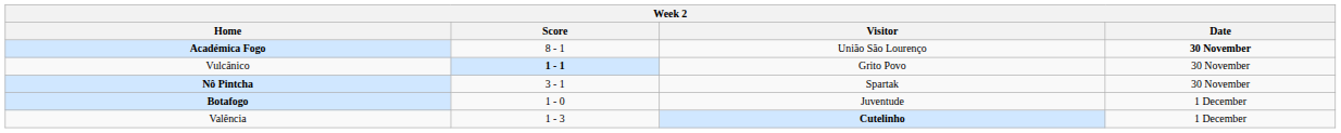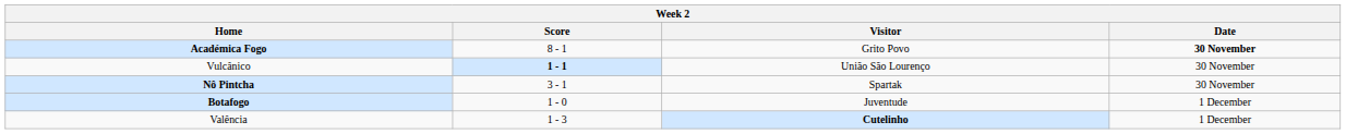 <table class="wikitable" style="margin:1em auto; font-size:95%; text-align: center; width: 95%;">
 <tr>
 <th colspan="12"  style="with:100%; text-align:center;">Week 2</th>
 </tr>
 <tr>
 <th style="width:200px;">Home</th>
 <th width="90">Score</th>
 <th style="width:200px;">Visitor</th>
 <th style="width:100px;">Date</th>
 </tr>
 <tr align=center>
 <td style="background:#d0e7ff;"><strong>Académica Fogo</strong></td>
 <td>8 - 1</td>
-<td>União São Lourenço</td>
+<td>Grito Povo</td>
 <td><strong>30 November</strong></td>
 </tr>
 <tr align=center>
 <td>Vulcânico</td>
 <td style="background:#d0e7ff;"><strong>1 - 1</strong></td>
-<td>Grito Povo</td>
+<td>União São Lourenço</td>
 <td>30 November</td>
 </tr>
 <tr align=center>
 <td style="background:#d0e7ff;"><strong>Nô Pintcha</strong></td>
 <td>3 - 1</td>
 <td>Spartak</td>
 <td>30 November</td>
 </tr>
 <tr align=center>
 <td style="background:#d0e7ff;"><strong>Botafogo</strong></td>
 <td>1 - 0</td>
 <td>Juventude</td>
 <td>1 December</td>
 </tr>
 <tr align=center>
 <td>Valência</td>
 <td>1 - 3</td>
 <td style="background:#d0e7ff;"><strong>Cutelinho</strong></td>
 <td>1 December</td>
 </tr>
 </table>
